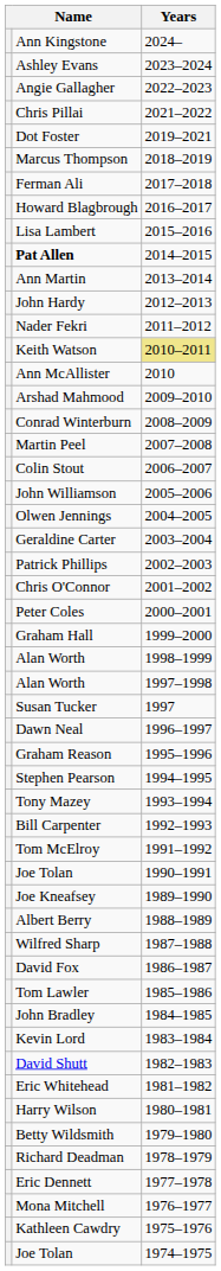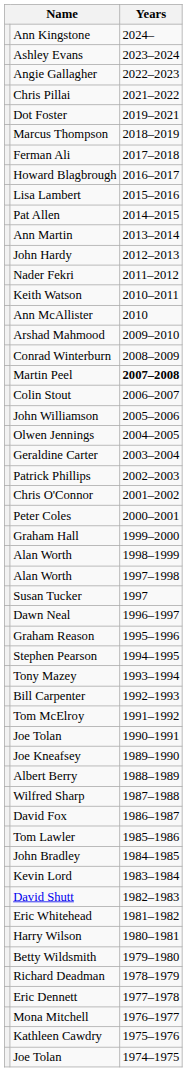 <table class="wikitable">
 <tr>
 <th colspan=2>Name</th>
 <th>Years</th>
 </tr>
 <tr>
 <th style="background-color: "></th>
 <td>Ann Kingstone</td>
 <td>2024–</td>
 </tr>
 <tr>
 <th style="background-color: "></th>
 <td>Ashley Evans</td>
 <td>2023–2024</td>
 </tr>
 <tr>
 <th style="background-color: "></th>
 <td>Angie Gallagher</td>
 <td>2022–2023</td>
 </tr>
 <tr>
 <th style="background-color: "></th>
 <td>Chris Pillai</td>
 <td>2021–2022</td>
 </tr>
 <tr>
 <th style="background-color: "></th>
 <td>Dot Foster</td>
 <td>2019–2021</td>
 </tr>
 <tr>
 <th style="background-color: "></th>
 <td>Marcus Thompson</td>
 <td>2018–2019</td>
 </tr>
 <tr>
 <th style="background-color: "></th>
 <td>Ferman Ali</td>
 <td>2017–2018</td>
 </tr>
 <tr>
 <th style="background-color: "></th>
 <td>Howard Blagbrough</td>
 <td>2016–2017</td>
 </tr>
 <tr>
 <th style="background-color: "></th>
 <td>Lisa Lambert</td>
 <td>2015–2016</td>
 </tr>
 <tr>
 <th style="background-color: "></th>
-<td><strong>Pat Allen</strong></td>
+<td>Pat Allen</td>
 <td>2014–2015</td>
 </tr>
 <tr>
 <th style="background-color: "></th>
 <td>Ann Martin</td>
 <td>2013–2014</td>
 </tr>
 <tr>
 <th style="background-color: "></th>
 <td>John Hardy</td>
 <td>2012–2013</td>
 </tr>
 <tr>
 <th style="background-color: "></th>
 <td>Nader Fekri</td>
 <td>2011–2012</td>
 </tr>
 <tr>
 <th style="background-color: "></th>
 <td>Keith Watson</td>
-<td style="background: khaki;">2010–2011</td>
+<td>2010–2011</td>
 </tr>
 <tr>
 <th style="background-color: "></th>
 <td>Ann McAllister</td>
 <td>2010</td>
 </tr>
 <tr>
 <th style="background-color: "></th>
 <td>Arshad Mahmood</td>
 <td>2009–2010</td>
 </tr>
 <tr>
 <th style="background-color: "></th>
 <td>Conrad Winterburn</td>
 <td>2008–2009</td>
 </tr>
 <tr>
 <th style="background-color: "></th>
 <td>Martin Peel</td>
-<td>2007–2008</td>
+<td><strong>2007–2008</strong></td>
 </tr>
 <tr>
 <th style="background-color: "></th>
 <td>Colin Stout</td>
 <td>2006–2007</td>
 </tr>
 <tr>
 <th style="background-color: "></th>
 <td>John Williamson</td>
 <td>2005–2006</td>
 </tr>
 <tr>
 <th style="background-color: "></th>
 <td>Olwen Jennings</td>
 <td>2004–2005</td>
 </tr>
 <tr>
 <th style="background-color: "></th>
 <td>Geraldine Carter</td>
 <td>2003–2004</td>
 </tr>
 <tr>
 <th style="background-color: "></th>
 <td>Patrick Phillips</td>
 <td>2002–2003</td>
 </tr>
 <tr>
 <th style="background-color: "></th>
 <td>Chris O'Connor</td>
 <td>2001–2002</td>
 </tr>
 <tr>
 <th style="background-color: "></th>
 <td>Peter Coles</td>
 <td>2000–2001</td>
 </tr>
 <tr>
 <th style="background-color: "></th>
 <td>Graham Hall</td>
 <td>1999–2000</td>
 </tr>
 <tr>
 <th style="background-color: "></th>
 <td>Alan Worth</td>
 <td>1998–1999</td>
 </tr>
 <tr>
 <th style="background-color: "></th>
 <td>Alan Worth</td>
 <td>1997–1998</td>
 </tr>
 <tr>
 <th style="background-color: "></th>
 <td>Susan Tucker</td>
 <td>1997</td>
 </tr>
 <tr>
 <th style="background-color: "></th>
 <td>Dawn Neal</td>
 <td>1996–1997</td>
 </tr>
 <tr>
 <th style="background-color: "></th>
 <td>Graham Reason</td>
 <td>1995–1996</td>
 </tr>
 <tr>
 <th style="background-color: "></th>
 <td>Stephen Pearson</td>
 <td>1994–1995</td>
 </tr>
 <tr>
 <th style="background-color: "></th>
 <td>Tony Mazey</td>
 <td>1993–1994</td>
 </tr>
 <tr>
 <th style="background-color: "></th>
 <td>Bill Carpenter</td>
 <td>1992–1993</td>
 </tr>
 <tr>
 <th style="background-color: "></th>
 <td>Tom McElroy</td>
 <td>1991–1992</td>
 </tr>
 <tr>
 <th style="background-color: "></th>
 <td>Joe Tolan</td>
 <td>1990–1991</td>
 </tr>
 <tr>
 <th style="background-color: "></th>
 <td>Joe Kneafsey</td>
 <td>1989–1990</td>
 </tr>
 <tr>
 <th style="background-color: "></th>
 <td>Albert Berry</td>
 <td>1988–1989</td>
 </tr>
 <tr>
 <th style="background-color: "></th>
 <td>Wilfred Sharp</td>
 <td>1987–1988</td>
 </tr>
 <tr>
 <th style="background-color: "></th>
 <td>David Fox</td>
 <td>1986–1987</td>
 </tr>
 <tr>
 <th style="background-color: "></th>
 <td>Tom Lawler</td>
 <td>1985–1986</td>
 </tr>
 <tr>
 <th style="background-color: "></th>
 <td>John Bradley</td>
 <td>1984–1985</td>
 </tr>
 <tr>
 <th style="background-color: "></th>
 <td>Kevin Lord</td>
 <td>1983–1984</td>
 </tr>
 <tr>
 <th style="background-color: "></th>
 <td><a href='#'>David Shutt</a></td>
 <td>1982–1983</td>
 </tr>
 <tr>
 <th style="background-color: "></th>
 <td>Eric Whitehead</td>
 <td>1981–1982</td>
 </tr>
 <tr>
 <th style="background-color: "></th>
 <td>Harry Wilson</td>
 <td>1980–1981</td>
 </tr>
 <tr>
 <th style="background-color: "></th>
 <td>Betty Wildsmith</td>
 <td>1979–1980</td>
 </tr>
 <tr>
 <th style="background-color: "></th>
 <td>Richard Deadman</td>
 <td>1978–1979</td>
 </tr>
 <tr>
 <th style="background-color: "></th>
 <td>Eric Dennett</td>
 <td>1977–1978</td>
 </tr>
 <tr>
 <th style="background-color: "></th>
 <td>Mona Mitchell</td>
 <td>1976–1977</td>
 </tr>
 <tr>
 <th style="background-color: "></th>
 <td>Kathleen Cawdry</td>
 <td>1975–1976</td>
 </tr>
 <tr>
 <th style="background-color: "></th>
 <td>Joe Tolan</td>
 <td>1974–1975</td>
 </tr>
 </table>
